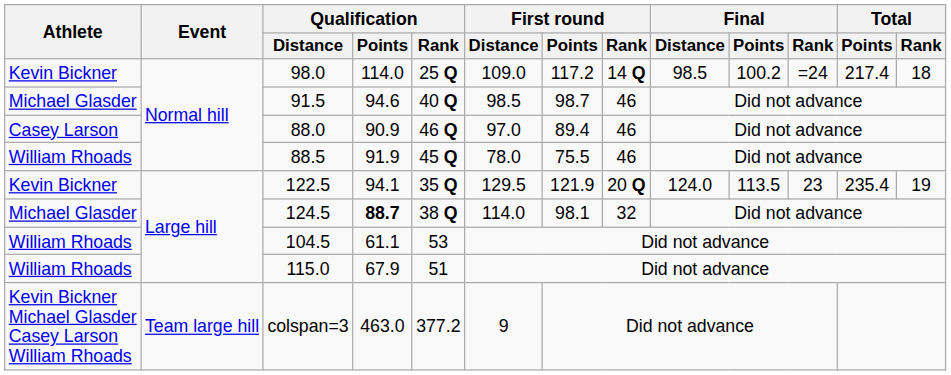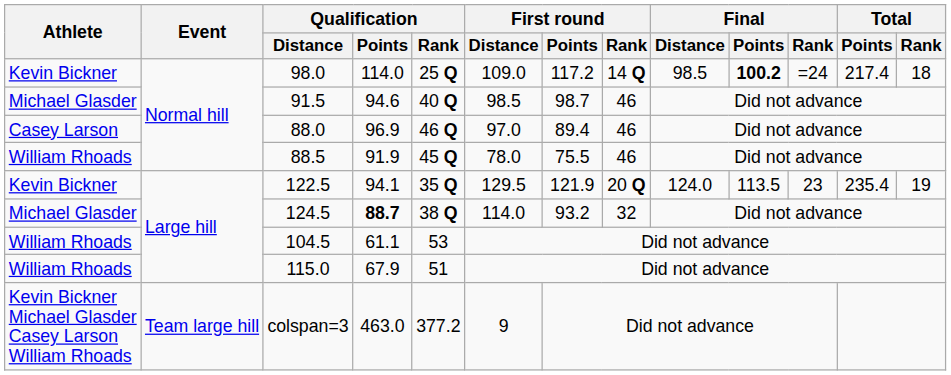 <table class=wikitable style=font-size:90%;text-align:center>
 <tr>
 <th rowspan=2>Athlete</th>
 <th rowspan=2>Event</th>
 <th colspan=3>Qualification</th>
 <th colspan=3>First round</th>
 <th colspan=3>Final</th>
 <th colspan=2>Total</th>
 </tr>
 <tr style=font-size:95%>
 <th>Distance</th>
 <th>Points</th>
 <th>Rank</th>
 <th>Distance</th>
 <th>Points</th>
 <th>Rank</th>
 <th>Distance</th>
 <th>Points</th>
 <th>Rank</th>
 <th>Points</th>
 <th>Rank</th>
 </tr>
 <tr>
 <td align=left><a href='#'>Kevin Bickner</a></td>
 <td style="text-align:left;" rowspan="4"><a href='#'>Normal hill</a></td>
 <td>98.0</td>
 <td>114.0</td>
 <td>25 <strong>Q</strong></td>
 <td>109.0</td>
 <td>117.2</td>
 <td>14 <strong>Q</strong></td>
 <td>98.5</td>
-<td>100.2</td>
+<td><strong>100.2</strong></td>
 <td>=24</td>
 <td>217.4</td>
 <td>18</td>
 </tr>
 <tr>
 <td align=left><a href='#'>Michael Glasder</a></td>
 <td>91.5</td>
 <td>94.6</td>
 <td>40 <strong>Q</strong></td>
 <td>98.5</td>
 <td>98.7</td>
 <td>46</td>
 <td colspan=5>Did not advance</td>
 </tr>
 <tr>
 <td align=left><a href='#'>Casey Larson</a></td>
 <td>88.0</td>
-<td>90.9</td>
+<td>96.9</td>
 <td>46 <strong>Q</strong></td>
 <td>97.0</td>
 <td>89.4</td>
 <td>46</td>
 <td colspan=5>Did not advance</td>
 </tr>
 <tr>
 <td align=left><a href='#'>William Rhoads</a></td>
 <td>88.5</td>
 <td>91.9</td>
 <td>45 <strong>Q</strong></td>
 <td>78.0</td>
 <td>75.5</td>
 <td>46</td>
 <td colspan=5>Did not advance</td>
 </tr>
 <tr>
 <td align=left><a href='#'>Kevin Bickner</a></td>
 <td style="text-align:left;" rowspan="4"><a href='#'>Large hill</a></td>
 <td>122.5</td>
 <td>94.1</td>
 <td>35 <strong>Q</strong></td>
 <td>129.5</td>
 <td>121.9</td>
 <td>20 <strong>Q</strong></td>
 <td>124.0</td>
 <td>113.5</td>
 <td>23</td>
 <td>235.4</td>
 <td>19</td>
 </tr>
 <tr>
 <td align=left><a href='#'>Michael Glasder</a></td>
 <td>124.5</td>
 <td><strong>88.7</strong></td>
 <td>38 <strong>Q</strong></td>
 <td>114.0</td>
-<td>98.1</td>
+<td>93.2</td>
 <td>32</td>
 <td colspan=5>Did not advance</td>
 </tr>
 <tr>
 <td align=left><a href='#'>William Rhoads</a></td>
 <td>104.5</td>
 <td>61.1</td>
 <td>53</td>
 <td colspan=8>Did not advance</td>
 </tr>
 <tr>
 <td align=left><a href='#'>William Rhoads</a></td>
 <td>115.0</td>
 <td>67.9</td>
 <td>51</td>
 <td colspan=8>Did not advance</td>
 </tr>
 <tr>
 <td align=left><a href='#'>Kevin Bickner</a><br><a href='#'>Michael Glasder</a><br><a href='#'>Casey Larson</a><br><a href='#'>William Rhoads</a></td>
 <td align=left><a href='#'>Team large hill</a></td>
 <td>colspan=3 </td>
 <td>463.0</td>
 <td>377.2</td>
 <td>9</td>
 <td colspan=5>Did not advance</td>
 </tr>
 </table>
